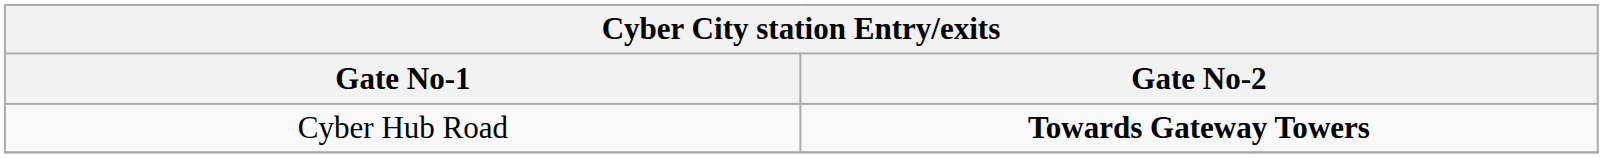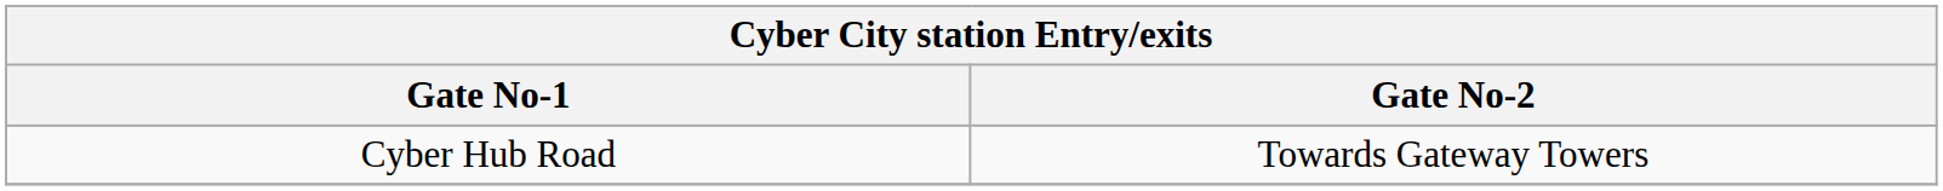 <table class="wikitable" style="text-align: center;" width="65%">
 <tr>
 <th align="center" colspan="5" style="background:#"><span><strong>Cyber City station Entry/exits</strong></span></th>
 </tr>
 <tr>
 <th style="width:15%;">Gate No-1 </th>
 <th style="width:15%;">Gate No-2 </th>
 </tr>
 <tr>
 <td>Cyber Hub Road</td>
-<td><strong>Towards Gateway Towers</strong></td>
+<td>Towards Gateway Towers</td>
 </tr>
 <tr>
 </tr>
 </table>
